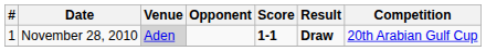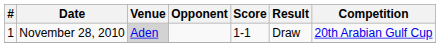 <table class="wikitable">
 <tr>
 <th>#</th>
 <th>Date</th>
 <th>Venue</th>
 <th>Opponent</th>
 <th>Score</th>
 <th>Result</th>
 <th>Competition</th>
 </tr>
 <tr>
 <td>1</td>
 <td>November 28, 2010</td>
 <td style="background: lightgrey;"><a href='#'>Aden</a></td>
 <td></td>
-<td><strong>1-1</strong></td>
-<td><strong>Draw</strong></td>
+<td>1-1</td>
+<td>Draw</td>
 <td><a href='#'>20th Arabian Gulf Cup</a></td>
 </tr>
 <tr>
 </tr>
 </table>
